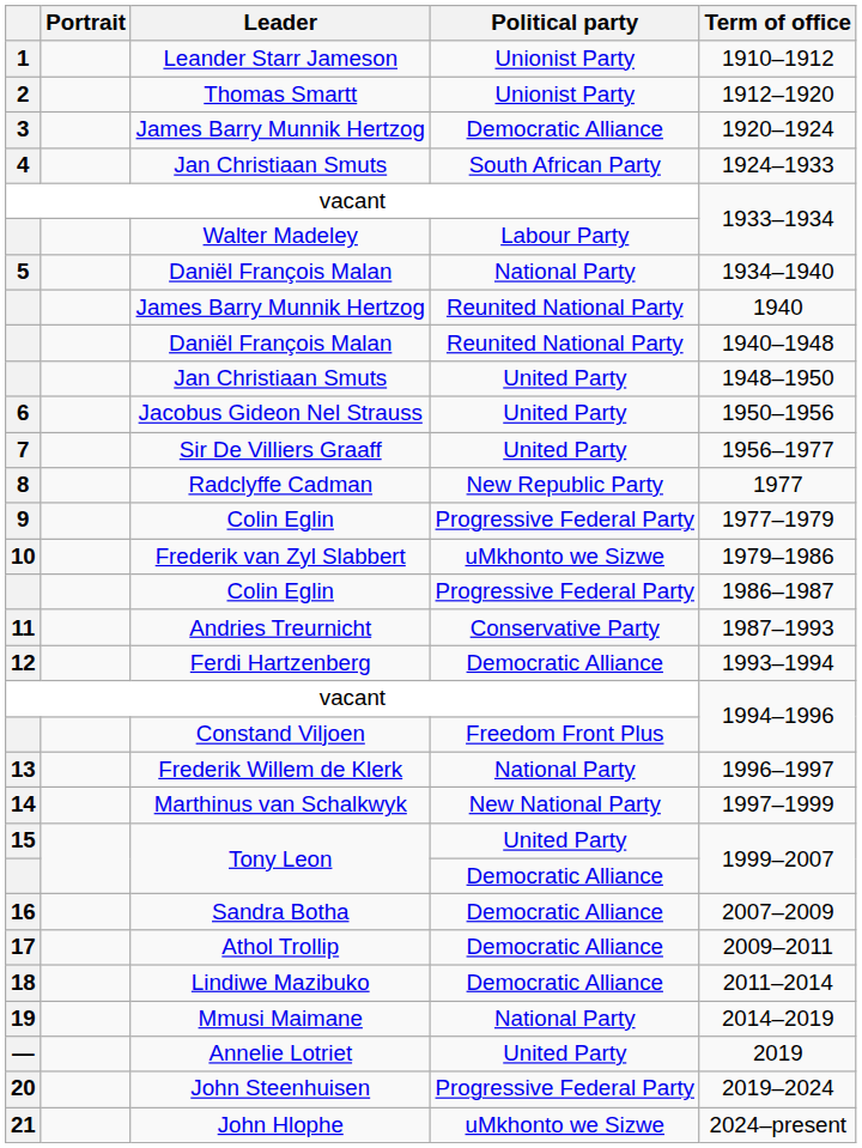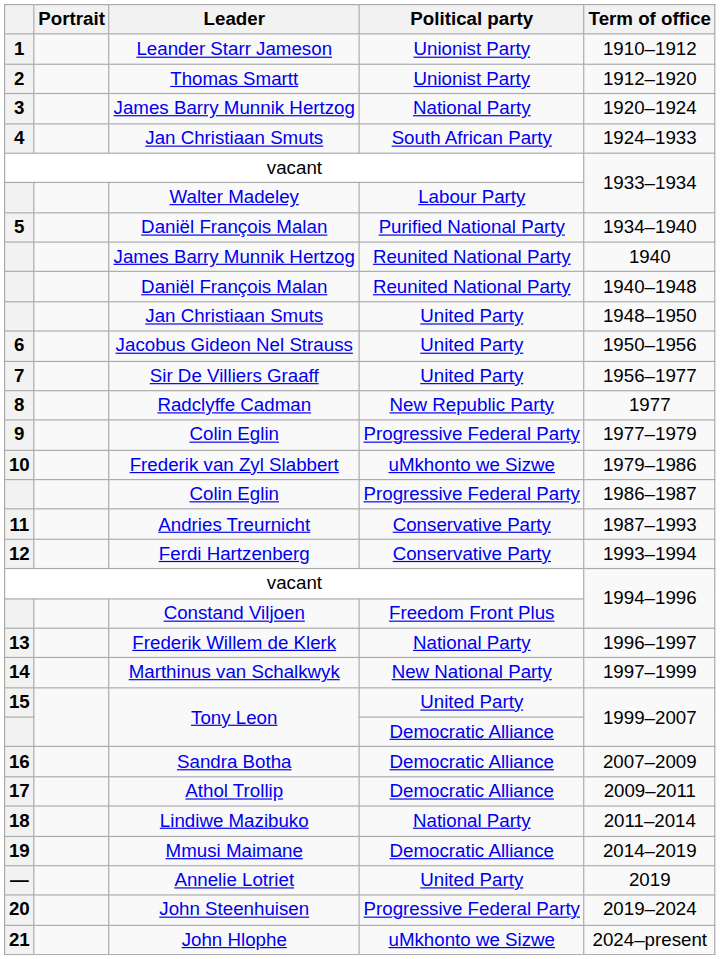 <table class="wikitable" style="text-align:center;">
 <tr>
 <th></th>
 <th>Portrait</th>
 <th>Leader<br></th>
 <th>Political party</th>
 <th>Term of office</th>
 </tr>
 <tr>
 <th style="background:">1</th>
 <td></td>
 <td><a href='#'>Leander Starr Jameson</a><br></td>
 <td><a href='#'>Unionist Party</a></td>
 <td>1910–1912</td>
 </tr>
 <tr>
 <th style="background:">2</th>
 <td></td>
 <td><a href='#'>Thomas Smartt</a><br></td>
 <td><a href='#'>Unionist Party</a></td>
 <td>1912–1920</td>
 </tr>
 <tr>
 <th style="background:">3</th>
 <td></td>
 <td><a href='#'>James Barry Munnik Hertzog</a><br></td>
-<td><a href='#'>Democratic Alliance</a></td>
+<td><a href='#'>National Party</a></td>
 <td>1920–1924</td>
 </tr>
 <tr>
 <th style="background:">4</th>
 <td></td>
 <td><a href='#'>Jan Christiaan Smuts</a><br></td>
 <td><a href='#'>South African Party</a></td>
 <td>1924–1933</td>
 </tr>
 <tr>
 <td colspan=4 bgcolor="white">vacant</td>
 <td rowspan=2>1933–1934</td>
 </tr>
 <tr>
 <th style="background:"></th>
 <td></td>
 <td><a href='#'>Walter Madeley</a><br></td>
 <td><a href='#'>Labour Party</a></td>
 </tr>
 <tr>
 <th style="background:">5</th>
 <td></td>
 <td><a href='#'>Daniël François Malan</a><br></td>
-<td><a href='#'>National Party</a></td>
+<td><a href='#'>Purified National Party</a></td>
 <td>1934–1940</td>
 </tr>
 <tr>
 <th style="background:"></th>
 <td></td>
 <td><a href='#'>James Barry Munnik Hertzog</a><br></td>
 <td><a href='#'>Reunited National Party</a></td>
 <td>1940</td>
 </tr>
 <tr>
 <th style="background:"></th>
 <td></td>
 <td><a href='#'>Daniël François Malan</a><br></td>
 <td><a href='#'>Reunited National Party</a></td>
 <td>1940–1948</td>
 </tr>
 <tr>
 <th style="background:"></th>
 <td></td>
 <td><a href='#'>Jan Christiaan Smuts</a><br></td>
 <td><a href='#'>United Party</a></td>
 <td>1948–1950</td>
 </tr>
 <tr>
 <th style="background:">6</th>
 <td></td>
 <td><a href='#'>Jacobus Gideon Nel Strauss</a><br></td>
 <td><a href='#'>United Party</a></td>
 <td>1950–1956</td>
 </tr>
 <tr>
 <th style="background:">7</th>
 <td></td>
 <td><a href='#'>Sir De Villiers Graaff</a><br></td>
 <td><a href='#'>United Party</a></td>
 <td>1956–1977</td>
 </tr>
 <tr>
 <th style="background:">8</th>
 <td></td>
 <td><a href='#'>Radclyffe Cadman</a><br></td>
 <td><a href='#'>New Republic Party</a></td>
 <td>1977</td>
 </tr>
 <tr>
 <th style="background:">9</th>
 <td></td>
 <td><a href='#'>Colin Eglin</a><br></td>
 <td><a href='#'>Progressive Federal Party</a></td>
 <td>1977–1979</td>
 </tr>
 <tr>
 <th style="background:">10</th>
 <td></td>
 <td><a href='#'>Frederik van Zyl Slabbert</a><br></td>
 <td><a href='#'>uMkhonto we Sizwe</a></td>
 <td>1979–1986</td>
 </tr>
 <tr>
 <th style="background:"></th>
 <td></td>
 <td><a href='#'>Colin Eglin</a><br></td>
 <td><a href='#'>Progressive Federal Party</a></td>
 <td>1986–1987</td>
 </tr>
 <tr>
 <th style="background:">11</th>
 <td></td>
 <td><a href='#'>Andries Treurnicht</a><br></td>
 <td><a href='#'>Conservative Party</a></td>
 <td>1987–1993</td>
 </tr>
 <tr>
 <th style="background:">12</th>
 <td></td>
 <td><a href='#'>Ferdi Hartzenberg</a><br></td>
-<td><a href='#'>Democratic Alliance</a></td>
+<td><a href='#'>Conservative Party</a></td>
 <td>1993–1994</td>
 </tr>
 <tr>
 <td colspan=4 bgcolor="white">vacant</td>
 <td rowspan=2>1994–1996</td>
 </tr>
 <tr>
 <th style="background:"></th>
 <td></td>
 <td><a href='#'>Constand Viljoen</a><br></td>
 <td><a href='#'>Freedom Front Plus</a></td>
 </tr>
 <tr>
 <th style="background:">13</th>
 <td></td>
 <td><a href='#'>Frederik Willem de Klerk</a><br></td>
 <td><a href='#'>National Party</a></td>
 <td>1996–1997</td>
 </tr>
 <tr>
 <th style="background:">14</th>
 <td></td>
 <td><a href='#'>Marthinus van Schalkwyk</a><br></td>
 <td><a href='#'>New National Party</a></td>
 <td>1997–1999</td>
 </tr>
 <tr>
 <th style="background:">15</th>
 <td rowspan=2></td>
 <td rowspan=2><a href='#'>Tony Leon</a><br></td>
 <td><a href='#'>United Party</a></td>
 <td rowspan=2>1999–2007</td>
 </tr>
 <tr>
 <th style="background:"></th>
 <td><a href='#'>Democratic Alliance</a><br></td>
 </tr>
 <tr>
 <th style="background:">16</th>
 <td></td>
 <td><a href='#'>Sandra Botha</a><br></td>
 <td><a href='#'>Democratic Alliance</a></td>
 <td>2007–2009</td>
 </tr>
 <tr>
 <th style="background:">17</th>
 <td></td>
 <td><a href='#'>Athol Trollip</a><br></td>
 <td><a href='#'>Democratic Alliance</a></td>
 <td>2009–2011</td>
 </tr>
 <tr>
 <th style="background:">18</th>
 <td></td>
 <td><a href='#'>Lindiwe Mazibuko</a><br></td>
-<td><a href='#'>Democratic Alliance</a></td>
+<td><a href='#'>National Party</a></td>
 <td>2011–2014</td>
 </tr>
 <tr>
 <th style="background:">19</th>
 <td></td>
 <td><a href='#'>Mmusi Maimane</a><br></td>
-<td><a href='#'>National Party</a></td>
+<td><a href='#'>Democratic Alliance</a></td>
 <td>2014–2019</td>
 </tr>
 <tr>
 <th style="background:">—</th>
 <td></td>
 <td><a href='#'>Annelie Lotriet</a><br></td>
 <td><a href='#'>United Party</a></td>
 <td>2019</td>
 </tr>
 <tr>
 <th style="background:">20</th>
 <td></td>
 <td><a href='#'>John Steenhuisen</a><br></td>
 <td><a href='#'>Progressive Federal Party</a></td>
 <td>2019–2024</td>
 </tr>
 <tr>
 <th style="background:">21</th>
 <td></td>
 <td><a href='#'>John Hlophe</a><br></td>
 <td><a href='#'>uMkhonto we Sizwe</a></td>
 <td>2024–present</td>
 </tr>
 </table>
